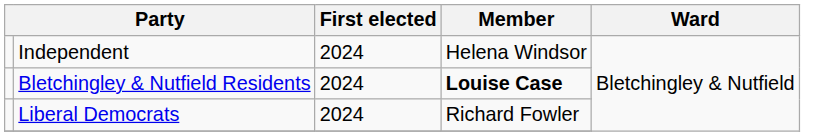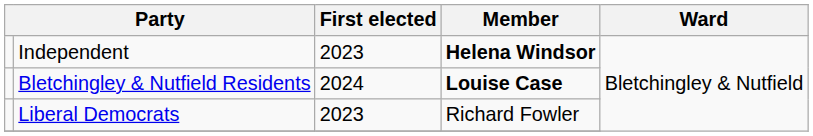 <table class="wikitable">
 <tr>
 <th colspan="2">Party</th>
 <th>First elected</th>
 <th>Member</th>
 <th>Ward</th>
 </tr>
 <tr>
 <td style="background-color: "></td>
 <td>Independent</td>
-<td>2024</td>
-<td>Helena Windsor</td>
+<td>2023</td>
+<td><strong>Helena Windsor</strong></td>
 <td rowspan="4">Bletchingley & Nutfield</td>
 </tr>
 <tr>
 <td style="background-color: "></td>
 <td><a href='#'>Bletchingley & Nutfield Residents</a></td>
 <td>2024</td>
 <td><strong>Louise Case</strong></td>
 </tr>
 <tr>
 <td style="background-color: "></td>
 <td><a href='#'>Liberal Democrats</a></td>
-<td>2024</td>
+<td>2023</td>
 <td>Richard Fowler</td>
 </tr>
 <tr>
 </tr>
 </table>
